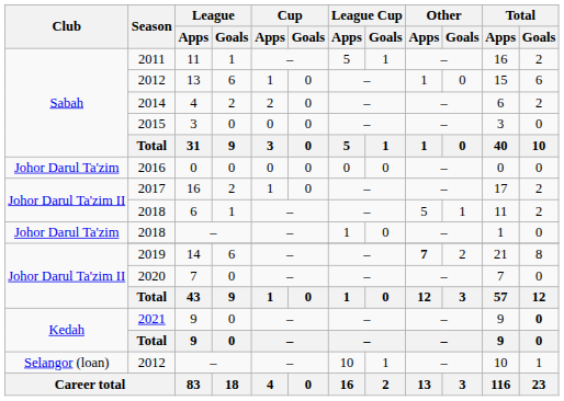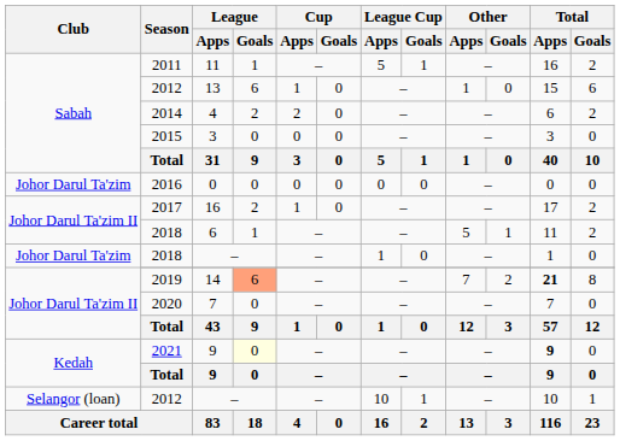 <table class="wikitable" style="text-align: center;">
 <tr>
 <th rowspan="2">Club</th>
 <th rowspan="2">Season</th>
 <th colspan="2">League</th>
 <th colspan="2">Cup</th>
 <th colspan="2">League Cup</th>
 <th colspan="2">Other</th>
 <th colspan="2">Total</th>
 </tr>
 <tr>
 <th>Apps</th>
 <th>Goals</th>
 <th>Apps</th>
 <th>Goals</th>
 <th>Apps</th>
 <th>Goals</th>
 <th>Apps</th>
 <th>Goals</th>
 <th>Apps</th>
 <th>Goals</th>
 </tr>
 <tr>
 <td rowspan="5" valign="center"><a href='#'>Sabah</a></td>
 <td>2011</td>
 <td>11</td>
 <td>1</td>
 <td colspan="2">–</td>
 <td>5</td>
 <td>1</td>
 <td colspan="2">–</td>
 <td>16</td>
 <td>2</td>
 </tr>
 <tr>
 <td>2012</td>
 <td>13</td>
 <td>6</td>
 <td>1</td>
 <td>0</td>
 <td colspan="2">–</td>
 <td>1</td>
 <td>0</td>
 <td>15</td>
 <td>6</td>
 </tr>
 <tr>
 <td>2014</td>
 <td>4</td>
 <td>2</td>
 <td>2</td>
 <td>0</td>
 <td colspan="2">–</td>
 <td colspan="2">–</td>
 <td>6</td>
 <td>2</td>
 </tr>
 <tr>
 <td>2015</td>
 <td>3</td>
 <td>0</td>
 <td>0</td>
 <td>0</td>
 <td colspan="2">–</td>
 <td colspan="2">–</td>
 <td>3</td>
 <td>0</td>
 </tr>
 <tr>
 <th>Total</th>
 <th>31</th>
 <th>9</th>
 <th>3</th>
 <th>0</th>
 <th>5</th>
 <th>1</th>
 <th>1</th>
 <th>0</th>
 <th>40</th>
 <th>10</th>
 </tr>
 <tr>
 <td valign="center"><a href='#'>Johor Darul Ta'zim</a></td>
 <td>2016</td>
 <td>0</td>
 <td>0</td>
 <td>0</td>
 <td>0</td>
 <td>0</td>
 <td>0</td>
 <td colspan="2">–</td>
 <td>0</td>
 <td>0</td>
 </tr>
 <tr>
 <td rowspan="2" valign="center"><a href='#'>Johor Darul Ta'zim II</a></td>
 <td>2017</td>
 <td>16</td>
 <td>2</td>
 <td>1</td>
 <td>0</td>
 <td colspan="2">–</td>
 <td colspan="2">–</td>
 <td>17</td>
 <td>2</td>
 </tr>
 <tr>
 <td>2018</td>
 <td>6</td>
 <td>1</td>
 <td colspan="2">–</td>
 <td colspan="2">–</td>
 <td>5</td>
 <td>1</td>
 <td>11</td>
 <td>2</td>
 </tr>
 <tr>
 <td valign="center"><a href='#'>Johor Darul Ta'zim</a></td>
 <td>2018</td>
 <td colspan="2">–</td>
 <td colspan="2">–</td>
 <td>1</td>
 <td>0</td>
 <td colspan="2">–</td>
 <td>1</td>
 <td>0</td>
 </tr>
 <tr>
 <td rowspan="4" valign="center"><a href='#'>Johor Darul Ta'zim II</a></td>
 </tr>
 <tr>
 <td>2019</td>
 <td>14</td>
-<td>6</td>
+<td style="background: lightsalmon;">6</td>
 <td colspan="2">–</td>
 <td colspan="2">–</td>
-<td><strong>7</strong></td>
+<td>7</td>
 <td>2</td>
-<td>21</td>
+<td><strong>21</strong></td>
 <td>8</td>
 </tr>
 <tr>
 <td>2020</td>
 <td>7</td>
 <td>0</td>
 <td colspan="2">–</td>
 <td colspan="2">–</td>
 <td colspan="2">–</td>
 <td>7</td>
 <td>0</td>
 </tr>
 <tr>
 <th>Total</th>
 <th>43</th>
 <th>9</th>
 <th>1</th>
 <th>0</th>
 <th>1</th>
 <th>0</th>
 <th>12</th>
 <th>3</th>
 <th>57</th>
 <th>12</th>
 </tr>
 <tr>
 <td rowspan="2" valign="center"><a href='#'>Kedah</a></td>
 <td><a href='#'>2021</a></td>
 <td>9</td>
-<td>0</td>
+<td style="background: lightyellow;">0</td>
 <td colspan="2">–</td>
 <td colspan="2">–</td>
 <td colspan="2">–</td>
-<td>9</td>
-<td><strong>0</strong></td>
+<td><strong>9</strong></td>
+<td>0</td>
 </tr>
 <tr>
 <th>Total</th>
 <th>9</th>
 <th>0</th>
 <th colspan="2">–</th>
 <th colspan="2">–</th>
 <th colspan="2">–</th>
 <th>9</th>
 <th>0</th>
 </tr>
 <tr>
 <td valign="center"><a href='#'>Selangor</a> (loan)</td>
 <td>2012</td>
 <td colspan="2">–</td>
 <td colspan="2">–</td>
 <td>10</td>
 <td>1</td>
 <td colspan="2">–</td>
 <td>10</td>
 <td>1</td>
 </tr>
 <tr>
 <th colspan="2">Career total</th>
 <th>83</th>
 <th>18</th>
 <th>4</th>
 <th>0</th>
 <th>16</th>
 <th>2</th>
 <th>13</th>
 <th>3</th>
 <th>116</th>
 <th>23</th>
 </tr>
 </table>
